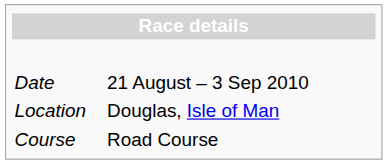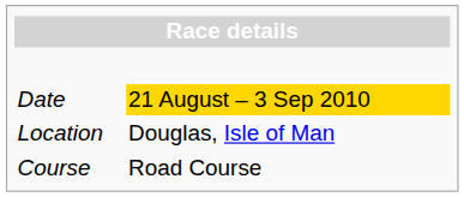 <table class="infobox" align="right" cellpadding="2" style="float:right; width: 20em;">
 <tr>
 </tr>
 <tr>
 <th colspan="3" style="background:lightgrey; color:#ffffff;">Race details</th>
 </tr>
 <tr>
 <td colspan="3" style="text-align:center;"><br></td>
 </tr>
 <tr>
 <td style="width: 25%;"><em>Date</em></td>
-<td>21 August – 3 Sep 2010</td>
+<td style="background: gold;">21 August – 3 Sep 2010</td>
 </tr>
 <tr>
 <td><em>Location</em></td>
 <td colspan=3>Douglas, <a href='#'>Isle of Man</a></td>
 </tr>
 <tr>
 <td><em>Course</em></td>
 <td colspan=3>Road Course <br> </td>
 </tr>
 </table>
